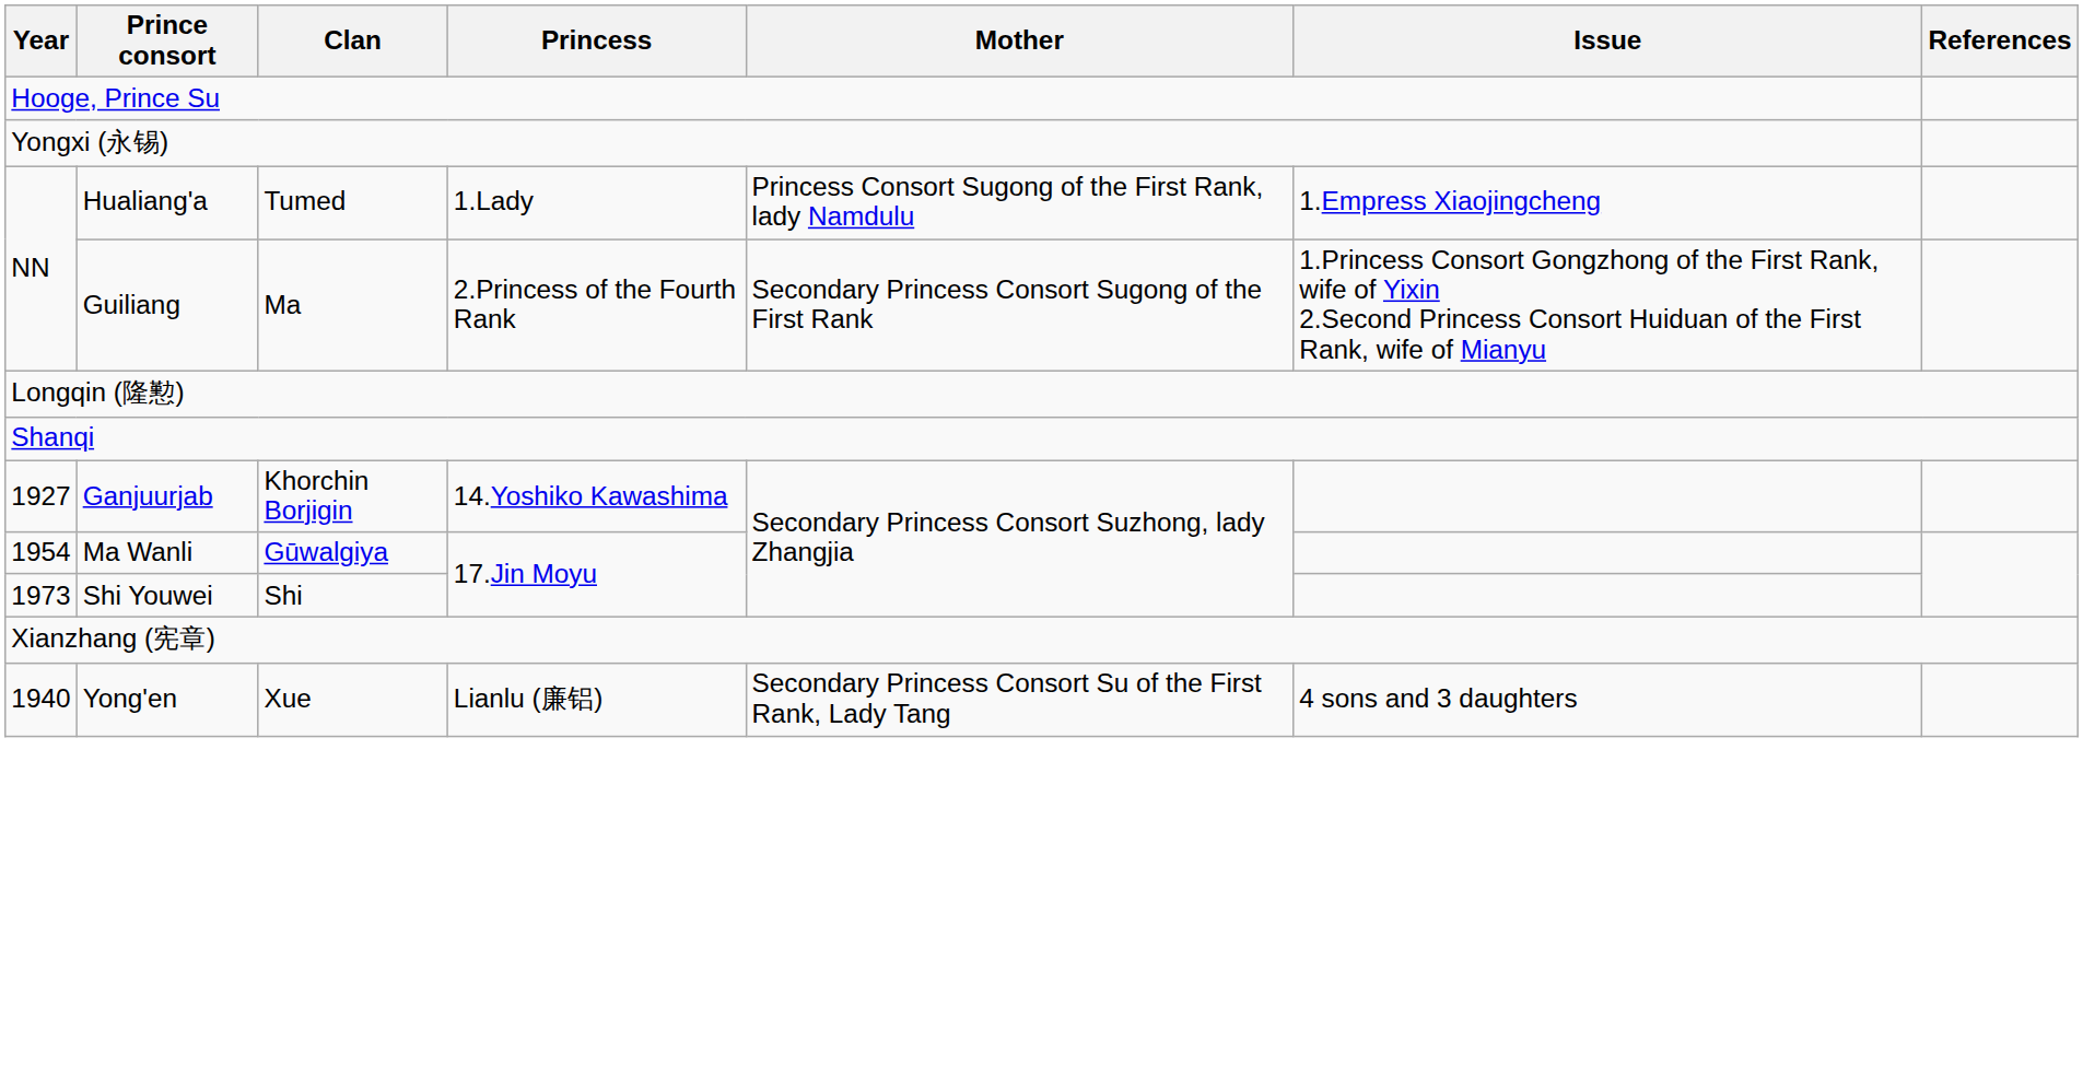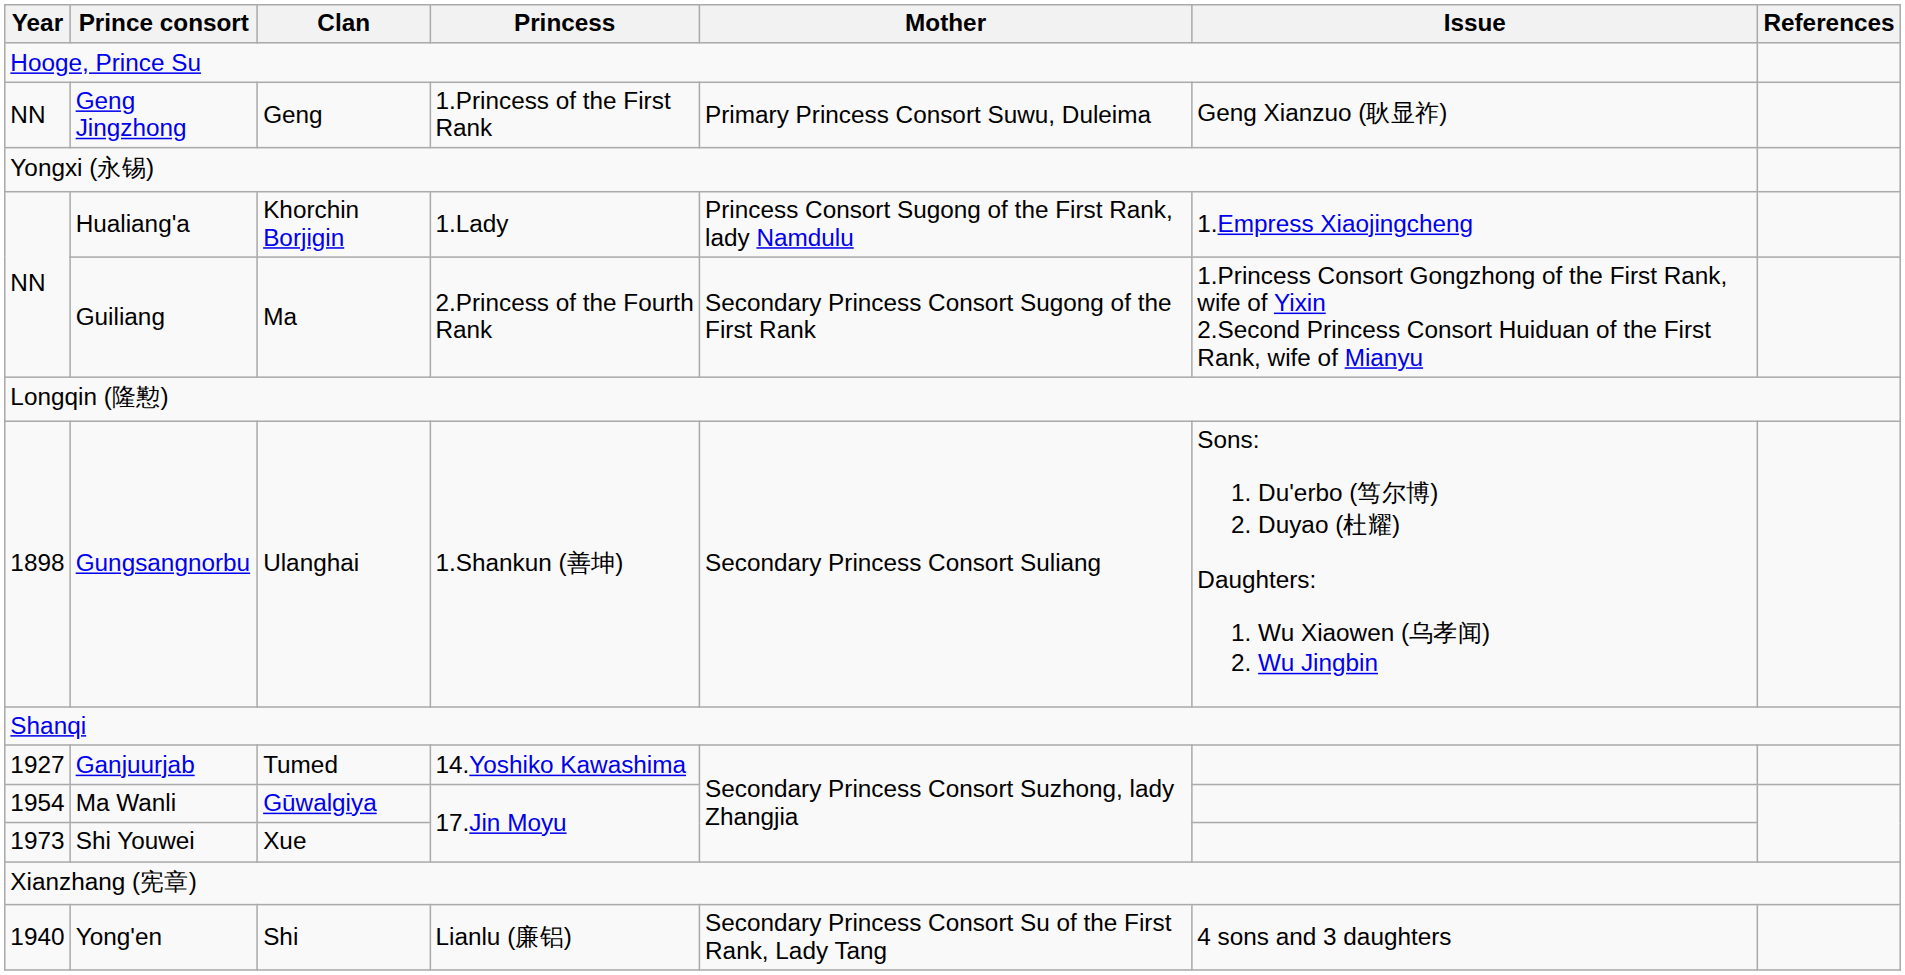 <table class="wikitable">
 <tr>
 <th>Year</th>
 <th>Prince consort</th>
 <th>Clan</th>
 <th>Princess</th>
 <th>Mother</th>
 <th>Issue</th>
 <th>References</th>
 </tr>
 <tr>
 <td colspan="6"><a href='#'>Hooge, Prince Su</a></td>
 <td></td>
 </tr>
 <tr>
+<td>NN</td>
+<td><a href='#'>Geng Jingzhong</a></td>
+<td>Geng</td>
+<td>1.Princess of the First Rank</td>
+<td>Primary Princess Consort Suwu, Duleima</td>
+<td>Geng Xianzuo (耿显祚)</td>
+<td></td>
+</tr>
+<tr>
 <td colspan="6">Yongxi (永锡)</td>
 <td></td>
 </tr>
 <tr>
 <td rowspan="2">NN</td>
 <td>Hualiang'a</td>
-<td>Tumed</td>
+<td>Khorchin <a href='#'>Borjigin</a></td>
 <td>1.Lady</td>
 <td>Princess Consort Sugong of the First Rank, lady <a href='#'>Namdulu</a></td>
 <td>1.<a href='#'>Empress Xiaojingcheng</a></td>
 <td></td>
 </tr>
 <tr>
 <td>Guiliang</td>
 <td>Ma</td>
 <td>2.Princess of the Fourth Rank</td>
 <td>Secondary Princess Consort Sugong of the First Rank</td>
 <td>1.Princess Consort Gongzhong of the First Rank, wife of <a href='#'>Yixin</a><br>2.Second Princess Consort Huiduan of the First Rank, wife of <a href='#'>Mianyu</a></td>
 <td></td>
 </tr>
 <tr>
 <td colspan="7">Longqin (隆懃)</td>
 </tr>
 <tr>
+<td>1898</td>
+<td><a href='#'>Gungsangnorbu</a></td>
+<td>Ulanghai</td>
+<td>1.Shankun (善坤)</td>
+<td>Secondary Princess Consort Suliang</td>
+<td>Sons:<br><ol><li>Du'erbo (笃尔博)</li><li>Duyao (杜耀)</li></ol>Daughters:<ol><li>Wu Xiaowen (乌孝闻)</li><li><a href='#'>Wu Jingbin</a></li></ol></td>
+<td></td>
+</tr>
+<tr>
 <td colspan="7"><a href='#'>Shanqi</a></td>
 </tr>
 <tr>
 <td>1927</td>
 <td><a href='#'>Ganjuurjab</a></td>
-<td>Khorchin <a href='#'>Borjigin</a></td>
+<td>Tumed</td>
 <td>14.<a href='#'>Yoshiko Kawashima</a></td>
 <td rowspan="3">Secondary Princess Consort Suzhong, lady Zhangjia</td>
 <td></td>
 <td></td>
 </tr>
 <tr>
 <td>1954</td>
 <td>Ma Wanli</td>
 <td><a href='#'>Gūwalgiya</a></td>
 <td rowspan="2">17.<a href='#'>Jin Moyu</a></td>
 <td></td>
 <td rowspan="2"></td>
 </tr>
 <tr>
 <td>1973</td>
 <td>Shi Youwei</td>
-<td>Shi</td>
+<td>Xue</td>
 <td></td>
 </tr>
 <tr>
 <td colspan="7">Xianzhang (宪章)</td>
 </tr>
 <tr>
 <td>1940</td>
 <td>Yong'en</td>
-<td>Xue</td>
+<td>Shi</td>
 <td>Lianlu (廉铝)</td>
 <td>Secondary Princess Consort Su of the First Rank, Lady Tang</td>
 <td>4 sons and 3 daughters</td>
 <td></td>
 </tr>
 </table>
